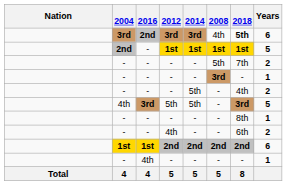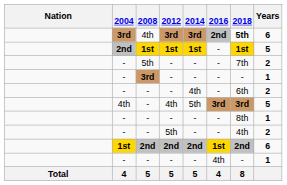 <table class="wikitable" style="text-align:center; font-size:90%">
 <tr>
 <th width=170>Nation</th>
 <th><br><a href='#'>2004</a></th>
-<th><br><a href='#'>2016</a></th>
+<th><br><a href='#'>2008</a></th>
 <th><br><a href='#'>2012</a></th>
 <th><br><a href='#'>2014</a></th>
-<th><br><a href='#'>2008</a></th>
+<th><br><a href='#'>2016</a></th>
 <th><br><a href='#'>2018</a></th>
 <th>Years</th>
 </tr>
 <tr>
 <td align=left></td>
 <td bgcolor=#cc9966><strong>3rd</strong></td>
-<td bgcolor=silver><strong>2nd</strong></td>
+<td>4th</td>
 <td bgcolor=#cc9966><strong>3rd</strong></td>
 <td bgcolor=#cc9966><strong>3rd</strong></td>
-<td>4th</td>
+<td bgcolor=silver><strong>2nd</strong></td>
 <td><strong>5th</strong></td>
 <td><strong>6</strong></td>
 </tr>
 <tr>
 <td align=left></td>
 <td bgcolor=silver><strong>2nd</strong></td>
-<td>-</td>
 <td bgcolor=gold><strong>1st</strong></td>
 <td bgcolor=gold><strong>1st</strong></td>
 <td bgcolor=gold><strong>1st</strong></td>
+<td>-</td>
 <td bgcolor=gold><strong>1st</strong></td>
 <td><strong>5</strong></td>
 </tr>
 <tr>
 <td align=left></td>
 <td>-</td>
+<td>5th</td>
 <td>-</td>
 <td>-</td>
 <td>-</td>
-<td>5th</td>
 <td>7th</td>
 <td><strong>2</strong></td>
 </tr>
 <tr>
 <td align=left></td>
 <td>-</td>
+<td bgcolor=#cc9966><strong>3rd</strong></td>
 <td>-</td>
 <td>-</td>
 <td>-</td>
-<td bgcolor=#cc9966><strong>3rd</strong></td>
 <td>-</td>
 <td><strong>1</strong></td>
 </tr>
 <tr>
 <td align=left></td>
 <td>-</td>
 <td>-</td>
 <td>-</td>
-<td>5th</td>
+<td>4th</td>
 <td>-</td>
-<td>4th</td>
+<td>6th</td>
 <td><strong>2</strong></td>
 </tr>
 <tr>
 <td align=left></td>
 <td>4th</td>
+<td>-</td>
+<td>4th</td>
+<td>5th</td>
 <td bgcolor=#cc9966><strong>3rd</strong></td>
-<td>5th</td>
-<td>5th</td>
-<td>-</td>
 <td bgcolor=#cc9966><strong>3rd</strong></td>
 <td><strong>5</strong></td>
 </tr>
 <tr>
 <td align=left></td>
 <td>-</td>
 <td>-</td>
 <td>-</td>
 <td>-</td>
 <td>-</td>
 <td>8th</td>
 <td><strong>1</strong></td>
 </tr>
 <tr>
 <td align=left></td>
 <td>-</td>
 <td>-</td>
-<td>4th</td>
+<td>5th</td>
 <td>-</td>
 <td>-</td>
-<td>6th</td>
+<td>4th</td>
 <td><strong>2</strong></td>
 </tr>
 <tr>
 <td align=left></td>
 <td bgcolor=gold><strong>1st</strong></td>
-<td bgcolor=gold><strong>1st</strong></td>
 <td bgcolor=silver><strong>2nd</strong></td>
 <td bgcolor=silver><strong>2nd</strong></td>
 <td bgcolor=silver><strong>2nd</strong></td>
+<td bgcolor=gold><strong>1st</strong></td>
 <td bgcolor=silver><strong>2nd</strong></td>
 <td><strong>6</strong></td>
 </tr>
 <tr>
 <td align=left></td>
 <td>-</td>
-<td>4th</td>
 <td>-</td>
 <td>-</td>
 <td>-</td>
+<td>4th</td>
 <td>-</td>
 <td><strong>1</strong></td>
 </tr>
 <tr>
 <th>Total</th>
 <th>4</th>
-<th>4</th>
 <th>5</th>
 <th>5</th>
 <th>5</th>
+<th>4</th>
 <th>8</th>
 <th></th>
 </tr>
 </table>
